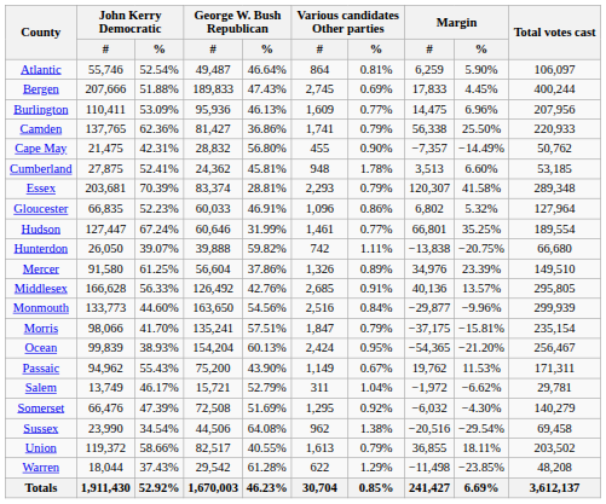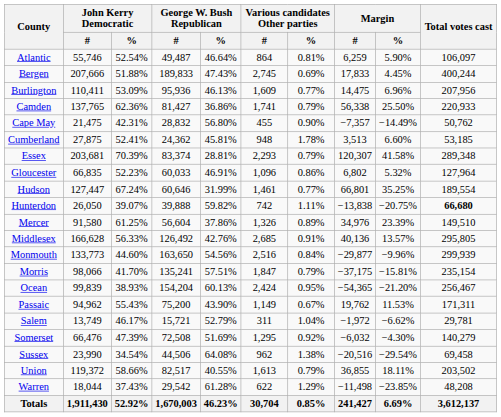 <table width="60%"  class="wikitable sortable" style="text-align:center">
 <tr>
 <th style="text-align:center;" rowspan="2">County</th>
 <th style="text-align:center;" colspan="2">John Kerry<br>Democratic</th>
 <th style="text-align:center;" colspan="2">George W. Bush<br>Republican</th>
 <th style="text-align:center;" colspan="2">Various candidates<br>Other parties</th>
 <th style="text-align:center;" colspan="2">Margin</th>
 <th style="text-align:center;" rowspan="2">Total votes cast</th>
 </tr>
 <tr>
 <th style="text-align:center;" data-sort-type="number">#</th>
 <th style="text-align:center;" data-sort-type="number">%</th>
 <th style="text-align:center;" data-sort-type="number">#</th>
 <th style="text-align:center;" data-sort-type="number">%</th>
 <th style="text-align:center;" data-sort-type="number">#</th>
 <th style="text-align:center;" data-sort-type="number">%</th>
 <th style="text-align:center;" data-sort-type="number">#</th>
 <th style="text-align:center;" data-sort-type="number">%</th>
 </tr>
 <tr style="text-align:center;">
 <td><a href='#'>Atlantic</a></td>
 <td>55,746</td>
 <td>52.54%</td>
 <td>49,487</td>
 <td>46.64%</td>
 <td>864</td>
 <td>0.81%</td>
 <td>6,259</td>
 <td>5.90%</td>
 <td>106,097</td>
 </tr>
 <tr style="text-align:center;">
 <td><a href='#'>Bergen</a></td>
 <td>207,666</td>
 <td>51.88%</td>
 <td>189,833</td>
 <td>47.43%</td>
 <td>2,745</td>
 <td>0.69%</td>
 <td>17,833</td>
 <td>4.45%</td>
 <td>400,244</td>
 </tr>
 <tr style="text-align:center;">
 <td><a href='#'>Burlington</a></td>
 <td>110,411</td>
 <td>53.09%</td>
 <td>95,936</td>
 <td>46.13%</td>
 <td>1,609</td>
 <td>0.77%</td>
 <td>14,475</td>
 <td>6.96%</td>
 <td>207,956</td>
 </tr>
 <tr style="text-align:center;">
 <td><a href='#'>Camden</a></td>
 <td>137,765</td>
 <td>62.36%</td>
 <td>81,427</td>
 <td>36.86%</td>
 <td>1,741</td>
 <td>0.79%</td>
 <td>56,338</td>
 <td>25.50%</td>
 <td>220,933</td>
 </tr>
 <tr style="text-align:center;">
 <td><a href='#'>Cape May</a></td>
 <td>21,475</td>
 <td>42.31%</td>
 <td>28,832</td>
 <td>56.80%</td>
 <td>455</td>
 <td>0.90%</td>
 <td>−7,357</td>
 <td>−14.49%</td>
 <td>50,762</td>
 </tr>
 <tr style="text-align:center;">
 <td><a href='#'>Cumberland</a></td>
 <td>27,875</td>
 <td>52.41%</td>
 <td>24,362</td>
 <td>45.81%</td>
 <td>948</td>
 <td>1.78%</td>
 <td>3,513</td>
 <td>6.60%</td>
 <td>53,185</td>
 </tr>
 <tr style="text-align:center;">
 <td><a href='#'>Essex</a></td>
 <td>203,681</td>
 <td>70.39%</td>
 <td>83,374</td>
 <td>28.81%</td>
 <td>2,293</td>
 <td>0.79%</td>
 <td>120,307</td>
 <td>41.58%</td>
 <td>289,348</td>
 </tr>
 <tr style="text-align:center;">
 <td><a href='#'>Gloucester</a></td>
 <td>66,835</td>
 <td>52.23%</td>
 <td>60,033</td>
 <td>46.91%</td>
 <td>1,096</td>
 <td>0.86%</td>
 <td>6,802</td>
 <td>5.32%</td>
 <td>127,964</td>
 </tr>
 <tr style="text-align:center;">
 <td><a href='#'>Hudson</a></td>
 <td>127,447</td>
 <td>67.24%</td>
 <td>60,646</td>
 <td>31.99%</td>
 <td>1,461</td>
 <td>0.77%</td>
 <td>66,801</td>
 <td>35.25%</td>
 <td>189,554</td>
 </tr>
 <tr style="text-align:center;">
 <td><a href='#'>Hunterdon</a></td>
 <td>26,050</td>
 <td>39.07%</td>
 <td>39,888</td>
 <td>59.82%</td>
 <td>742</td>
 <td>1.11%</td>
 <td>−13,838</td>
 <td>−20.75%</td>
-<td>66,680</td>
+<td><strong>66,680</strong></td>
 </tr>
 <tr style="text-align:center;">
 <td><a href='#'>Mercer</a></td>
 <td>91,580</td>
 <td>61.25%</td>
 <td>56,604</td>
 <td>37.86%</td>
 <td>1,326</td>
 <td>0.89%</td>
 <td>34,976</td>
 <td>23.39%</td>
 <td>149,510</td>
 </tr>
 <tr style="text-align:center;">
 <td><a href='#'>Middlesex</a></td>
 <td>166,628</td>
 <td>56.33%</td>
 <td>126,492</td>
 <td>42.76%</td>
 <td>2,685</td>
 <td>0.91%</td>
 <td>40,136</td>
 <td>13.57%</td>
 <td>295,805</td>
 </tr>
 <tr style="text-align:center;">
 <td><a href='#'>Monmouth</a></td>
 <td>133,773</td>
 <td>44.60%</td>
 <td>163,650</td>
 <td>54.56%</td>
 <td>2,516</td>
 <td>0.84%</td>
 <td>−29,877</td>
 <td>−9.96%</td>
 <td>299,939</td>
 </tr>
 <tr style="text-align:center;">
 <td><a href='#'>Morris</a></td>
 <td>98,066</td>
 <td>41.70%</td>
 <td>135,241</td>
 <td>57.51%</td>
 <td>1,847</td>
 <td>0.79%</td>
 <td>−37,175</td>
 <td>−15.81%</td>
 <td>235,154</td>
 </tr>
 <tr style="text-align:center;">
 <td><a href='#'>Ocean</a></td>
 <td>99,839</td>
 <td>38.93%</td>
 <td>154,204</td>
 <td>60.13%</td>
 <td>2,424</td>
 <td>0.95%</td>
 <td>−54,365</td>
 <td>−21.20%</td>
 <td>256,467</td>
 </tr>
 <tr style="text-align:center;">
 <td><a href='#'>Passaic</a></td>
 <td>94,962</td>
 <td>55.43%</td>
 <td>75,200</td>
 <td>43.90%</td>
 <td>1,149</td>
 <td>0.67%</td>
 <td>19,762</td>
 <td>11.53%</td>
 <td>171,311</td>
 </tr>
 <tr style="text-align:center;">
 <td><a href='#'>Salem</a></td>
 <td>13,749</td>
 <td>46.17%</td>
 <td>15,721</td>
 <td>52.79%</td>
 <td>311</td>
 <td>1.04%</td>
 <td>−1,972</td>
 <td>−6.62%</td>
 <td>29,781</td>
 </tr>
 <tr style="text-align:center;">
 <td><a href='#'>Somerset</a></td>
 <td>66,476</td>
 <td>47.39%</td>
 <td>72,508</td>
 <td>51.69%</td>
 <td>1,295</td>
 <td>0.92%</td>
 <td>−6,032</td>
 <td>−4.30%</td>
 <td>140,279</td>
 </tr>
 <tr style="text-align:center;">
 <td><a href='#'>Sussex</a></td>
 <td>23,990</td>
 <td>34.54%</td>
 <td>44,506</td>
 <td>64.08%</td>
 <td>962</td>
 <td>1.38%</td>
 <td>−20,516</td>
 <td>−29.54%</td>
 <td>69,458</td>
 </tr>
 <tr style="text-align:center;">
 <td><a href='#'>Union</a></td>
 <td>119,372</td>
 <td>58.66%</td>
 <td>82,517</td>
 <td>40.55%</td>
 <td>1,613</td>
 <td>0.79%</td>
 <td>36,855</td>
 <td>18.11%</td>
 <td>203,502</td>
 </tr>
 <tr style="text-align:center;">
 <td><a href='#'>Warren</a></td>
 <td>18,044</td>
 <td>37.43%</td>
 <td>29,542</td>
 <td>61.28%</td>
 <td>622</td>
 <td>1.29%</td>
 <td>−11,498</td>
 <td>−23.85%</td>
 <td>48,208</td>
 </tr>
 <tr>
 <th>Totals</th>
 <th>1,911,430</th>
 <th>52.92%</th>
 <th>1,670,003</th>
 <th>46.23%</th>
 <th>30,704</th>
 <th>0.85%</th>
 <th>241,427</th>
 <th>6.69%</th>
 <th>3,612,137</th>
 </tr>
 </table>
